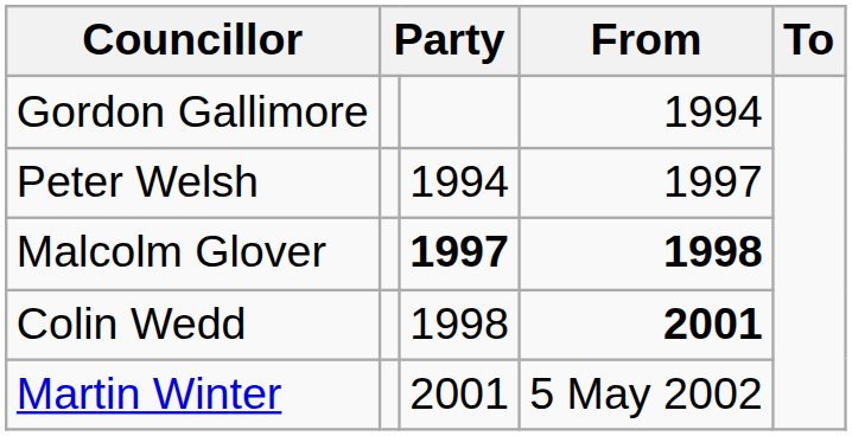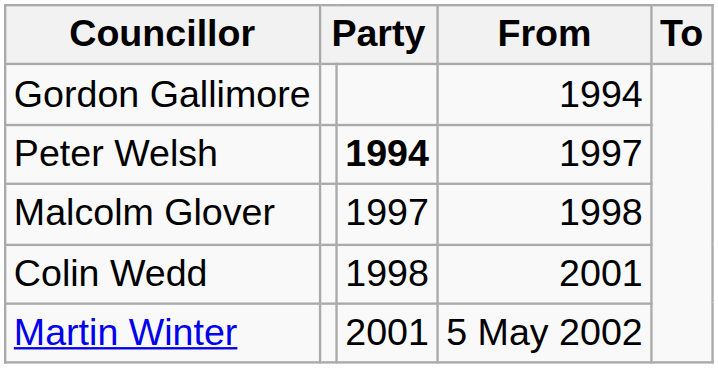 <table class=wikitable>
 <tr>
 <th>Councillor</th>
 <th colspan=2>Party</th>
 <th>From</th>
 <th>To</th>
 </tr>
 <tr>
 <td>Gordon Gallimore</td>
 <td></td>
 <td align=right></td>
 <td align=right>1994</td>
 </tr>
 <tr>
 <td>Peter Welsh</td>
 <td></td>
-<td align=right>1994</td>
+<td align=right><strong>1994</strong></td>
 <td align=right>1997</td>
 </tr>
 <tr>
 <td>Malcolm Glover</td>
 <td></td>
-<td align=right><strong>1997</strong></td>
-<td align=right><strong>1998</strong></td>
+<td align=right>1997</td>
+<td align=right>1998</td>
 </tr>
 <tr>
 <td>Colin Wedd</td>
 <td></td>
 <td align=right>1998</td>
-<td align=right><strong>2001</strong></td>
+<td align=right>2001</td>
 </tr>
 <tr>
 <td><a href='#'>Martin Winter</a></td>
 <td></td>
 <td align=right>2001</td>
 <td align=right>5 May 2002</td>
 </tr>
 </table>
